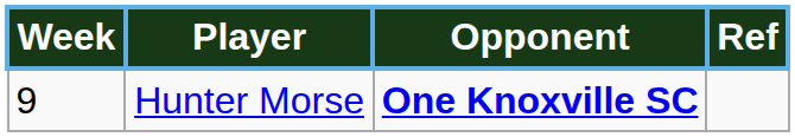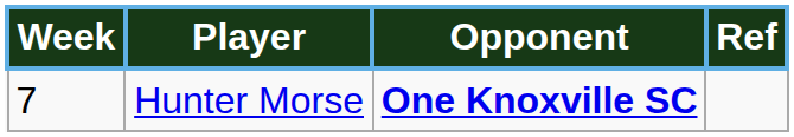 <table class=wikitable>
 <tr>
 <th style="background:#173916; color:#FFFFFF; border:2px solid #5FAFE4;">Week</th>
 <th style="background:#173916; color:#FFFFFF; border:2px solid #5FAFE4;">Player</th>
 <th style="background:#173916; color:#FFFFFF; border:2px solid #5FAFE4;">Opponent</th>
 <th style="background:#173916; color:#FFFFFF; border:2px solid #5FAFE4;">Ref</th>
 </tr>
 <tr>
-<td>9</td>
+<td>7</td>
 <td> <a href='#'>Hunter Morse</a></td>
 <td><strong><a href='#'>One Knoxville SC</a></strong></td>
 <td></td>
 </tr>
 </table>
